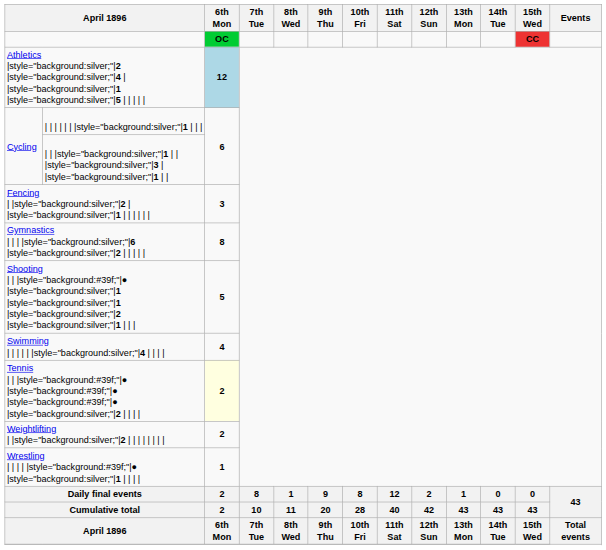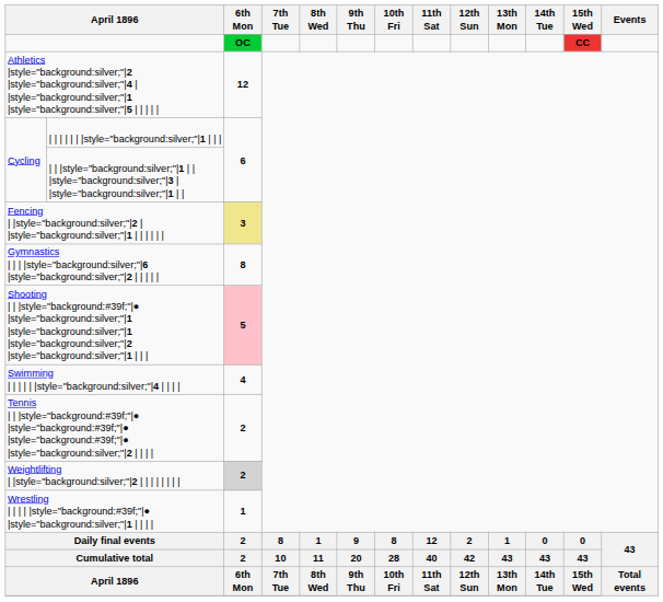 <table class=wikitable style="margin:0.5em auto; font-size:90%; line-height:1.25em; width:75%; text-align:center;">
 <tr>
 <th style=width:18%; colspan=2>April 1896</th>
 <th style=width:4%;>6th<br>Mon</th>
 <th style=width:4%;>7th<br>Tue</th>
 <th style=width:4%;>8th<br>Wed</th>
 <th style=width:4%;>9th<br>Thu</th>
 <th style=width:4%;>10th<br>Fri</th>
 <th style=width:4%;>11th<br>Sat</th>
 <th style=width:4%;>12th<br>Sun</th>
 <th style=width:4%;>13th<br>Mon</th>
 <th style=width:4%;>14th<br>Tue</th>
 <th style=width:4%;>15th<br>Wed</th>
 <th style=width:6%;>Events</th>
 </tr>
 <tr>
 <td style="text-align:left;" colspan=2></td>
 <td style="background-color:#00cc33;"><strong>OC</strong></td>
 <td></td>
 <td></td>
 <td></td>
 <td></td>
 <td></td>
 <td></td>
 <td></td>
 <td></td>
 <td style="background-color:#ee3333;"><strong>CC</strong></td>
 <td></td>
 </tr>
 <tr>
 <td style="text-align:left;" colspan=2> <a href='#'>Athletics</a><br>|style="background:silver;"|<strong>2</strong> |style="background:silver;"|<strong>4</strong> | |style="background:silver;"|<strong>1</strong> |style="background:silver;"|<strong>5</strong> | | | | |</td>
-<td style="background: lightblue;"><strong>12</strong></td>
+<td><strong>12</strong></td>
 </tr>
 <tr>
 <td align=left rowspan=2><a href='#'>Cycling</a></td>
 <td style="text-align:left;"><br>| | | | | | |style="background:silver;"|<strong>1</strong> | | |</td>
 <td rowspan=2><strong>6</strong></td>
 </tr>
 <tr>
 <td style="text-align:left;"><br>| | |style="background:silver;"|<strong>1</strong> | | |style="background:silver;"|<strong>3</strong> | |style="background:silver;"|<strong>1</strong> | |</td>
 </tr>
 <tr>
 <td style="text-align:left;" colspan=2> <a href='#'>Fencing</a><br>| |style="background:silver;"|<strong>2</strong> | |style="background:silver;"|<strong>1</strong> | | | | | |</td>
-<td><strong>3</strong></td>
+<td style="background: khaki;"><strong>3</strong></td>
 </tr>
 <tr>
 <td style="text-align:left;" colspan=2> <a href='#'>Gymnastics</a><br>| | | |style="background:silver;"|<strong>6</strong> |style="background:silver;"|<strong>2</strong> | | | | |</td>
 <td><strong>8</strong></td>
 </tr>
 <tr>
 <td style="text-align:left;" colspan=2> <a href='#'>Shooting</a><br>| | |style="background:#39f;"|●  |style="background:silver;"|<strong>1</strong> |style="background:silver;"|<strong>1</strong> |style="background:silver;"|<strong>2</strong> |style="background:silver;"|<strong>1</strong> | | |</td>
-<td><strong>5</strong></td>
+<td style="background: pink;"><strong>5</strong></td>
 </tr>
 <tr>
 <td style="text-align:left;" colspan=2> <a href='#'>Swimming</a><br>| | | | | |style="background:silver;"|<strong>4</strong> | | | |</td>
 <td><strong>4</strong></td>
 </tr>
 <tr>
 <td style="text-align:left;" colspan=2> <a href='#'>Tennis</a><br>| | |style="background:#39f;"|●  |style="background:#39f;"|●  |style="background:#39f;"|●  |style="background:silver;"|<strong>2</strong> | | | |</td>
-<td style="background: lightyellow;"><strong>2</strong></td>
+<td><strong>2</strong></td>
 </tr>
 <tr>
 <td style="text-align:left;" colspan=2> <a href='#'>Weightlifting</a><br>| |style="background:silver;"|<strong>2</strong> | | | | | | | |</td>
-<td><strong>2</strong></td>
+<td style="background: lightgrey;"><strong>2</strong></td>
 </tr>
 <tr>
 <td style="text-align:left;" colspan=2> <a href='#'>Wrestling</a><br>| | | | |style="background:#39f;"|●  |style="background:silver;"|<strong>1</strong> | | | |</td>
 <td><strong>1</strong></td>
 </tr>
 <tr>
 <th colspan=2>Daily final events</th>
 <th>2</th>
 <th>8</th>
 <th>1</th>
 <th>9</th>
 <th>8</th>
 <th>12</th>
 <th>2</th>
 <th>1</th>
 <th>0</th>
 <th>0</th>
 <th rowspan=2>43</th>
 </tr>
 <tr>
 <th colspan=2>Cumulative total</th>
 <th>2</th>
 <th>10</th>
 <th>11</th>
 <th>20</th>
 <th>28</th>
 <th>40</th>
 <th>42</th>
 <th>43</th>
 <th>43</th>
 <th>43</th>
 </tr>
 <tr>
 <th style=width:18%; colspan=2>April 1896</th>
 <th style=width:4%;>6th<br>Mon</th>
 <th style=width:4%;>7th<br>Tue</th>
 <th style=width:4%;>8th<br>Wed</th>
 <th style=width:4%;>9th<br>Thu</th>
 <th style=width:4%;>10th<br>Fri</th>
 <th style=width:4%;>11th<br>Sat</th>
 <th style=width:4%;>12th<br>Sun</th>
 <th style=width:4%;>13th<br>Mon</th>
 <th style=width:4%;>14th<br>Tue</th>
 <th style=width:4%;>15th<br>Wed</th>
 <th rowspan=2>Total events</th>
 </tr>
 <tr>
 </tr>
 </table>
